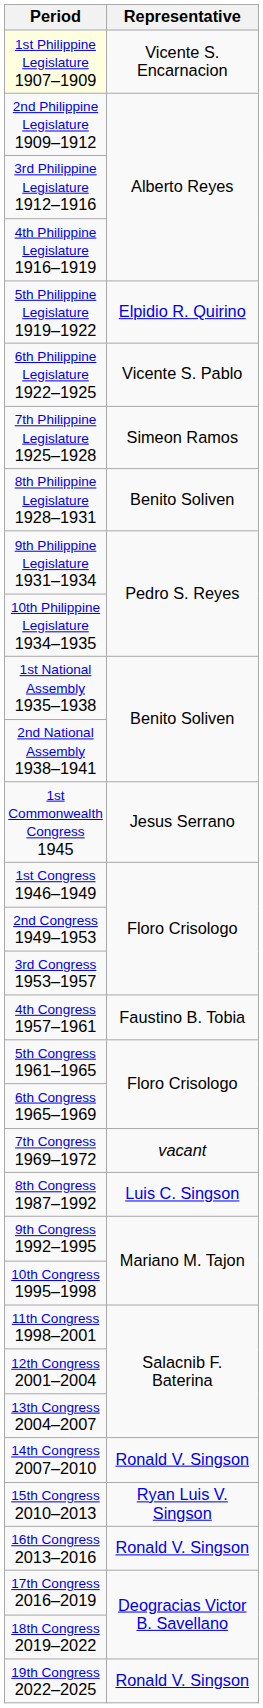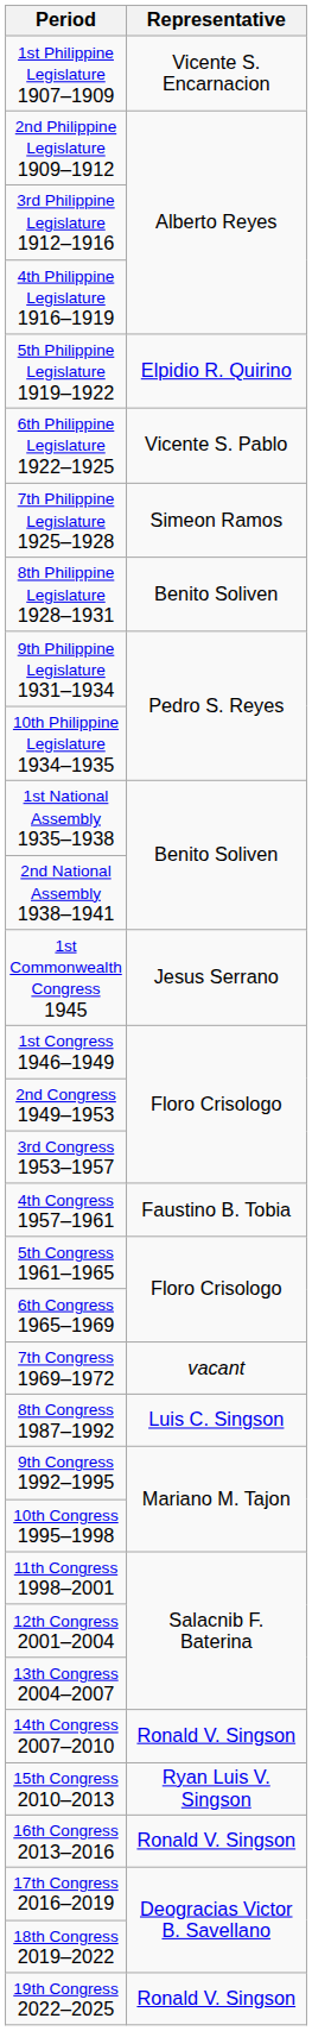 <table class="wikitable" style="text-align:center; width:40%;">
 <tr>
 <th width="40%">Period</th>
 <th>Representative</th>
 </tr>
 <tr>
-<td style="background: lightyellow;"><small><a href='#'>1st Philippine Legislature</a></small><br>1907–1909</td>
+<td><small><a href='#'>1st Philippine Legislature</a></small><br>1907–1909</td>
 <td rowspan="2">Vicente S. Encarnacion</td>
 </tr>
 <tr>
 <td rowspan="2"><small><a href='#'>2nd Philippine Legislature</a></small><br>1909–1912</td>
 </tr>
 <tr>
 <td rowspan="3">Alberto Reyes</td>
 </tr>
 <tr>
 <td><small><a href='#'>3rd Philippine Legislature</a></small><br>1912–1916</td>
 </tr>
 <tr>
 <td><small><a href='#'>4th Philippine Legislature</a></small><br>1916–1919</td>
 </tr>
 <tr>
 <td><small><a href='#'>5th Philippine Legislature</a></small><br>1919–1922</td>
 <td><a href='#'>Elpidio R. Quirino</a></td>
 </tr>
 <tr>
 <td><small><a href='#'>6th Philippine Legislature</a></small><br>1922–1925</td>
 <td>Vicente S. Pablo</td>
 </tr>
 <tr>
 <td><small><a href='#'>7th Philippine Legislature</a></small><br>1925–1928</td>
 <td>Simeon Ramos</td>
 </tr>
 <tr>
 <td><small><a href='#'>8th Philippine Legislature</a></small><br>1928–1931</td>
 <td>Benito Soliven</td>
 </tr>
 <tr>
 <td><small><a href='#'>9th Philippine Legislature</a></small><br>1931–1934</td>
 <td rowspan="2">Pedro S. Reyes</td>
 </tr>
 <tr>
 <td><small><a href='#'>10th Philippine Legislature</a></small><br>1934–1935</td>
 </tr>
 <tr>
 <td><small><a href='#'>1st National Assembly</a></small><br>1935–1938</td>
 <td rowspan="2">Benito Soliven</td>
 </tr>
 <tr>
 <td><small><a href='#'>2nd National Assembly</a></small><br>1938–1941</td>
 </tr>
 <tr>
 <td><small><a href='#'>1st Commonwealth Congress</a></small><br>1945</td>
 <td>Jesus Serrano</td>
 </tr>
 <tr>
 <td><small><a href='#'>1st Congress</a></small><br>1946–1949</td>
 <td rowspan="3">Floro Crisologo</td>
 </tr>
 <tr>
 <td><small><a href='#'>2nd Congress</a></small><br>1949–1953</td>
 </tr>
 <tr>
 <td><small><a href='#'>3rd Congress</a></small><br>1953–1957</td>
 </tr>
 <tr>
 <td><small><a href='#'>4th Congress</a></small><br>1957–1961</td>
 <td>Faustino B. Tobia</td>
 </tr>
 <tr>
 <td><small><a href='#'>5th Congress</a></small><br>1961–1965</td>
 <td rowspan="3">Floro Crisologo</td>
 </tr>
 <tr>
 <td><small><a href='#'>6th Congress</a></small><br>1965–1969</td>
 </tr>
 <tr>
 <td rowspan="2"><small><a href='#'>7th Congress</a></small><br>1969–1972</td>
 </tr>
 <tr>
 <td><em>vacant</em></td>
 </tr>
 <tr>
 <td><small><a href='#'>8th Congress</a></small><br>1987–1992</td>
 <td><a href='#'>Luis C. Singson</a></td>
 </tr>
 <tr>
 <td><small><a href='#'>9th Congress</a></small><br>1992–1995</td>
 <td rowspan="2">Mariano M. Tajon</td>
 </tr>
 <tr>
 <td><small><a href='#'>10th Congress</a></small><br>1995–1998</td>
 </tr>
 <tr>
 <td><small><a href='#'>11th Congress</a></small><br>1998–2001</td>
 <td rowspan="3">Salacnib F. Baterina</td>
 </tr>
 <tr>
 <td><small><a href='#'>12th Congress</a></small><br>2001–2004</td>
 </tr>
 <tr>
 <td><small><a href='#'>13th Congress</a></small><br>2004–2007</td>
 </tr>
 <tr>
 <td><small><a href='#'>14th Congress</a></small><br>2007–2010</td>
 <td rowspan="2"><a href='#'>Ronald V. Singson</a></td>
 </tr>
 <tr>
 <td rowspan="2"><small><a href='#'>15th Congress</a></small><br>2010–2013</td>
 </tr>
 <tr>
 <td><a href='#'>Ryan Luis V. Singson</a></td>
 </tr>
 <tr>
 <td><small><a href='#'>16th Congress</a></small><br>2013–2016</td>
 <td><a href='#'>Ronald V. Singson</a></td>
 </tr>
 <tr>
 <td><small><a href='#'>17th Congress</a></small><br>2016–2019</td>
 <td rowspan="2"><a href='#'>Deogracias Victor B. Savellano</a></td>
 </tr>
 <tr>
 <td><small><a href='#'>18th Congress</a></small><br>2019–2022</td>
 </tr>
 <tr>
 <td><small><a href='#'>19th Congress</a></small><br>2022–2025</td>
 <td><a href='#'>Ronald V. Singson</a></td>
 </tr>
 </table>
